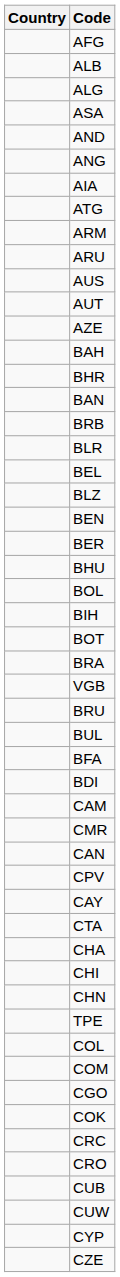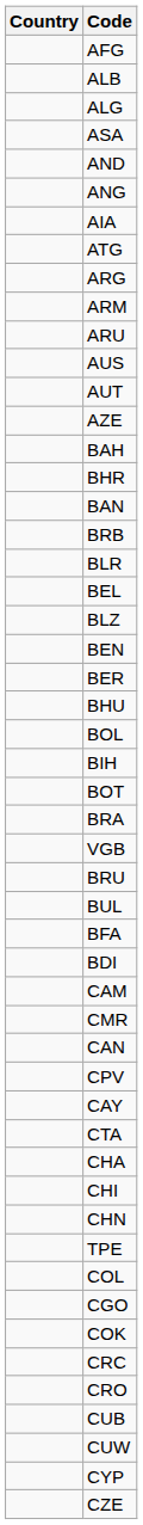 <table class="wikitable" style="font-size:90%; display:inline-table">
 <tr>
 <th>Country</th>
 <th>Code</th>
 </tr>
 <tr>
 <td></td>
 <td>AFG</td>
 </tr>
 <tr>
 <td></td>
 <td>ALB</td>
 </tr>
 <tr>
 <td></td>
 <td>ALG</td>
 </tr>
 <tr>
 <td></td>
 <td>ASA</td>
 </tr>
 <tr>
 <td></td>
 <td>AND</td>
 </tr>
 <tr>
 <td></td>
 <td>ANG</td>
 </tr>
 <tr>
 <td></td>
 <td>AIA</td>
 </tr>
 <tr>
 <td></td>
 <td>ATG</td>
+</tr>
+<tr>
+<td></td>
+<td>ARG</td>
 </tr>
 <tr>
 <td></td>
 <td>ARM</td>
 </tr>
 <tr>
 <td></td>
 <td>ARU</td>
 </tr>
 <tr>
 <td></td>
 <td>AUS</td>
 </tr>
 <tr>
 <td></td>
 <td>AUT</td>
 </tr>
 <tr>
 <td></td>
 <td>AZE</td>
 </tr>
 <tr>
 <td></td>
 <td>BAH</td>
 </tr>
 <tr>
 <td></td>
 <td>BHR</td>
 </tr>
 <tr>
 <td></td>
 <td>BAN</td>
 </tr>
 <tr>
 <td></td>
 <td>BRB</td>
 </tr>
 <tr>
 <td></td>
 <td>BLR</td>
 </tr>
 <tr>
 <td></td>
 <td>BEL</td>
 </tr>
 <tr>
 <td></td>
 <td>BLZ</td>
 </tr>
 <tr>
 <td></td>
 <td>BEN</td>
 </tr>
 <tr>
 <td></td>
 <td>BER</td>
 </tr>
 <tr>
 <td></td>
 <td>BHU</td>
 </tr>
 <tr>
 <td></td>
 <td>BOL</td>
 </tr>
 <tr>
 <td></td>
 <td>BIH</td>
 </tr>
 <tr>
 <td></td>
 <td>BOT</td>
 </tr>
 <tr>
 <td></td>
 <td>BRA</td>
 </tr>
 <tr>
 <td></td>
 <td>VGB</td>
 </tr>
 <tr>
 <td></td>
 <td>BRU</td>
 </tr>
 <tr>
 <td></td>
 <td>BUL</td>
 </tr>
 <tr>
 <td></td>
 <td>BFA</td>
 </tr>
 <tr>
 <td></td>
 <td>BDI</td>
 </tr>
 <tr>
 <td></td>
 <td>CAM</td>
 </tr>
 <tr>
 <td></td>
 <td>CMR</td>
 </tr>
 <tr>
 <td></td>
 <td>CAN</td>
 </tr>
 <tr>
 <td></td>
 <td>CPV</td>
 </tr>
 <tr>
 <td></td>
 <td>CAY</td>
 </tr>
 <tr>
 <td></td>
 <td>CTA</td>
 </tr>
 <tr>
 <td></td>
 <td>CHA</td>
 </tr>
 <tr>
 <td></td>
 <td>CHI</td>
 </tr>
 <tr>
 <td></td>
 <td>CHN</td>
 </tr>
 <tr>
 <td></td>
 <td>TPE</td>
 </tr>
 <tr>
 <td></td>
 <td>COL</td>
 </tr>
 <tr>
 <td></td>
-<td>COM</td>
-</tr>
-<tr>
-<td></td>
 <td>CGO</td>
 </tr>
 <tr>
 <td></td>
 <td>COK</td>
 </tr>
 <tr>
 <td></td>
 <td>CRC</td>
 </tr>
 <tr>
 <td></td>
 <td>CRO</td>
 </tr>
 <tr>
 <td></td>
 <td>CUB</td>
 </tr>
 <tr>
 <td></td>
 <td>CUW</td>
 </tr>
 <tr>
 <td></td>
 <td>CYP</td>
 </tr>
 <tr>
 <td></td>
 <td>CZE</td>
 </tr>
 </table>
